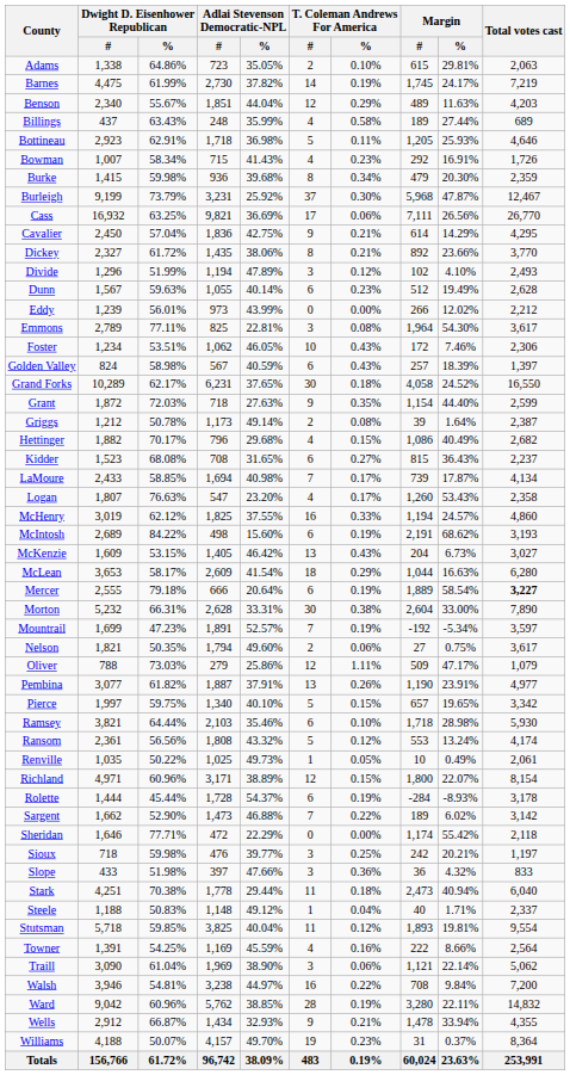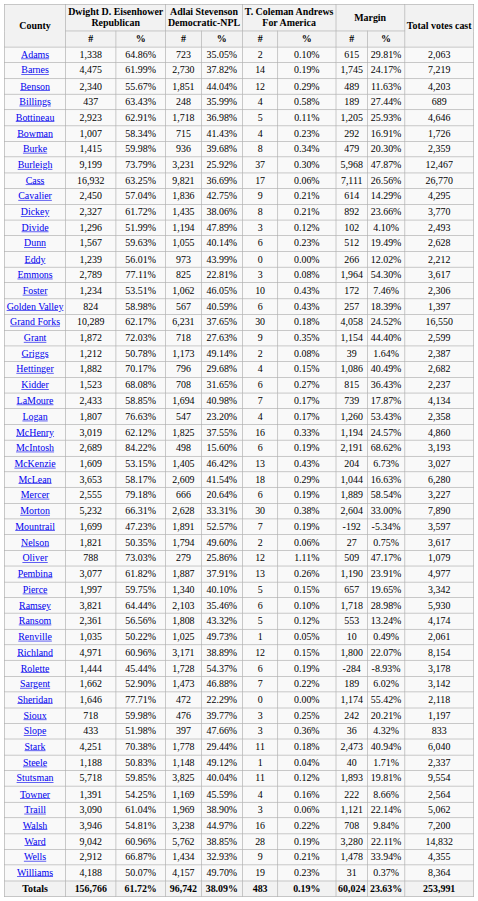 <table class="wikitable sortable" width="60%">
 <tr>
 <th rowspan="2">County</th>
 <th colspan="2">Dwight D. Eisenhower<br>Republican</th>
 <th colspan="2">Adlai Stevenson<br>Democratic-NPL</th>
 <th colspan="2">T. Coleman Andrews<br>For America</th>
 <th colspan="2">Margin</th>
 <th rowspan="2">Total votes cast</th>
 </tr>
 <tr style="text-align:center;">
 <th data-sort-type="number">#</th>
 <th data-sort-type="number">%</th>
 <th data-sort-type="number">#</th>
 <th data-sort-type="number">%</th>
 <th data-sort-type="number">#</th>
 <th data-sort-type="number">%</th>
 <th data-sort-type="number">#</th>
 <th data-sort-type="number">%</th>
 </tr>
 <tr style="text-align:center;">
 <td><a href='#'>Adams</a></td>
 <td>1,338</td>
 <td>64.86%</td>
 <td>723</td>
 <td>35.05%</td>
 <td>2</td>
 <td>0.10%</td>
 <td>615</td>
 <td>29.81%</td>
 <td>2,063</td>
 </tr>
 <tr style="text-align:center;">
 <td><a href='#'>Barnes</a></td>
 <td>4,475</td>
 <td>61.99%</td>
 <td>2,730</td>
 <td>37.82%</td>
 <td>14</td>
 <td>0.19%</td>
 <td>1,745</td>
 <td>24.17%</td>
 <td>7,219</td>
 </tr>
 <tr style="text-align:center;">
 <td><a href='#'>Benson</a></td>
 <td>2,340</td>
 <td>55.67%</td>
 <td>1,851</td>
 <td>44.04%</td>
 <td>12</td>
 <td>0.29%</td>
 <td>489</td>
 <td>11.63%</td>
 <td>4,203</td>
 </tr>
 <tr style="text-align:center;">
 <td><a href='#'>Billings</a></td>
 <td>437</td>
 <td>63.43%</td>
 <td>248</td>
 <td>35.99%</td>
 <td>4</td>
 <td>0.58%</td>
 <td>189</td>
 <td>27.44%</td>
 <td>689</td>
 </tr>
 <tr style="text-align:center;">
 <td><a href='#'>Bottineau</a></td>
 <td>2,923</td>
 <td>62.91%</td>
 <td>1,718</td>
 <td>36.98%</td>
 <td>5</td>
 <td>0.11%</td>
 <td>1,205</td>
 <td>25.93%</td>
 <td>4,646</td>
 </tr>
 <tr style="text-align:center;">
 <td><a href='#'>Bowman</a></td>
 <td>1,007</td>
 <td>58.34%</td>
 <td>715</td>
 <td>41.43%</td>
 <td>4</td>
 <td>0.23%</td>
 <td>292</td>
 <td>16.91%</td>
 <td>1,726</td>
 </tr>
 <tr style="text-align:center;">
 <td><a href='#'>Burke</a></td>
 <td>1,415</td>
 <td>59.98%</td>
 <td>936</td>
 <td>39.68%</td>
 <td>8</td>
 <td>0.34%</td>
 <td>479</td>
 <td>20.30%</td>
 <td>2,359</td>
 </tr>
 <tr style="text-align:center;">
 <td><a href='#'>Burleigh</a></td>
 <td>9,199</td>
 <td>73.79%</td>
 <td>3,231</td>
 <td>25.92%</td>
 <td>37</td>
 <td>0.30%</td>
 <td>5,968</td>
 <td>47.87%</td>
 <td>12,467</td>
 </tr>
 <tr style="text-align:center;">
 <td><a href='#'>Cass</a></td>
 <td>16,932</td>
 <td>63.25%</td>
 <td>9,821</td>
 <td>36.69%</td>
 <td>17</td>
 <td>0.06%</td>
 <td>7,111</td>
 <td>26.56%</td>
 <td>26,770</td>
 </tr>
 <tr style="text-align:center;">
 <td><a href='#'>Cavalier</a></td>
 <td>2,450</td>
 <td>57.04%</td>
 <td>1,836</td>
 <td>42.75%</td>
 <td>9</td>
 <td>0.21%</td>
 <td>614</td>
 <td>14.29%</td>
 <td>4,295</td>
 </tr>
 <tr style="text-align:center;">
 <td><a href='#'>Dickey</a></td>
 <td>2,327</td>
 <td>61.72%</td>
 <td>1,435</td>
 <td>38.06%</td>
 <td>8</td>
 <td>0.21%</td>
 <td>892</td>
 <td>23.66%</td>
 <td>3,770</td>
 </tr>
 <tr style="text-align:center;">
 <td><a href='#'>Divide</a></td>
 <td>1,296</td>
 <td>51.99%</td>
 <td>1,194</td>
 <td>47.89%</td>
 <td>3</td>
 <td>0.12%</td>
 <td>102</td>
 <td>4.10%</td>
 <td>2,493</td>
 </tr>
 <tr style="text-align:center;">
 <td><a href='#'>Dunn</a></td>
 <td>1,567</td>
 <td>59.63%</td>
 <td>1,055</td>
 <td>40.14%</td>
 <td>6</td>
 <td>0.23%</td>
 <td>512</td>
 <td>19.49%</td>
 <td>2,628</td>
 </tr>
 <tr style="text-align:center;">
 <td><a href='#'>Eddy</a></td>
 <td>1,239</td>
 <td>56.01%</td>
 <td>973</td>
 <td>43.99%</td>
 <td>0</td>
 <td>0.00%</td>
 <td>266</td>
 <td>12.02%</td>
 <td>2,212</td>
 </tr>
 <tr style="text-align:center;">
 <td><a href='#'>Emmons</a></td>
 <td>2,789</td>
 <td>77.11%</td>
 <td>825</td>
 <td>22.81%</td>
 <td>3</td>
 <td>0.08%</td>
 <td>1,964</td>
 <td>54.30%</td>
 <td>3,617</td>
 </tr>
 <tr style="text-align:center;">
 <td><a href='#'>Foster</a></td>
 <td>1,234</td>
 <td>53.51%</td>
 <td>1,062</td>
 <td>46.05%</td>
 <td>10</td>
 <td>0.43%</td>
 <td>172</td>
 <td>7.46%</td>
 <td>2,306</td>
 </tr>
 <tr style="text-align:center;">
 <td><a href='#'>Golden Valley</a></td>
 <td>824</td>
 <td>58.98%</td>
 <td>567</td>
 <td>40.59%</td>
 <td>6</td>
 <td>0.43%</td>
 <td>257</td>
 <td>18.39%</td>
 <td>1,397</td>
 </tr>
 <tr style="text-align:center;">
 <td><a href='#'>Grand Forks</a></td>
 <td>10,289</td>
 <td>62.17%</td>
 <td>6,231</td>
 <td>37.65%</td>
 <td>30</td>
 <td>0.18%</td>
 <td>4,058</td>
 <td>24.52%</td>
 <td>16,550</td>
 </tr>
 <tr style="text-align:center;">
 <td><a href='#'>Grant</a></td>
 <td>1,872</td>
 <td>72.03%</td>
 <td>718</td>
 <td>27.63%</td>
 <td>9</td>
 <td>0.35%</td>
 <td>1,154</td>
 <td>44.40%</td>
 <td>2,599</td>
 </tr>
 <tr style="text-align:center;">
 <td><a href='#'>Griggs</a></td>
 <td>1,212</td>
 <td>50.78%</td>
 <td>1,173</td>
 <td>49.14%</td>
 <td>2</td>
 <td>0.08%</td>
 <td>39</td>
 <td>1.64%</td>
 <td>2,387</td>
 </tr>
 <tr style="text-align:center;">
 <td><a href='#'>Hettinger</a></td>
 <td>1,882</td>
 <td>70.17%</td>
 <td>796</td>
 <td>29.68%</td>
 <td>4</td>
 <td>0.15%</td>
 <td>1,086</td>
 <td>40.49%</td>
 <td>2,682</td>
 </tr>
 <tr style="text-align:center;">
 <td><a href='#'>Kidder</a></td>
 <td>1,523</td>
 <td>68.08%</td>
 <td>708</td>
 <td>31.65%</td>
 <td>6</td>
 <td>0.27%</td>
 <td>815</td>
 <td>36.43%</td>
 <td>2,237</td>
 </tr>
 <tr style="text-align:center;">
 <td><a href='#'>LaMoure</a></td>
 <td>2,433</td>
 <td>58.85%</td>
 <td>1,694</td>
 <td>40.98%</td>
 <td>7</td>
 <td>0.17%</td>
 <td>739</td>
 <td>17.87%</td>
 <td>4,134</td>
 </tr>
 <tr style="text-align:center;">
 <td><a href='#'>Logan</a></td>
 <td>1,807</td>
 <td>76.63%</td>
 <td>547</td>
 <td>23.20%</td>
 <td>4</td>
 <td>0.17%</td>
 <td>1,260</td>
 <td>53.43%</td>
 <td>2,358</td>
 </tr>
 <tr style="text-align:center;">
 <td><a href='#'>McHenry</a></td>
 <td>3,019</td>
 <td>62.12%</td>
 <td>1,825</td>
 <td>37.55%</td>
 <td>16</td>
 <td>0.33%</td>
 <td>1,194</td>
 <td>24.57%</td>
 <td>4,860</td>
 </tr>
 <tr style="text-align:center;">
 <td><a href='#'>McIntosh</a></td>
 <td>2,689</td>
 <td>84.22%</td>
 <td>498</td>
 <td>15.60%</td>
 <td>6</td>
 <td>0.19%</td>
 <td>2,191</td>
 <td>68.62%</td>
 <td>3,193</td>
 </tr>
 <tr style="text-align:center;">
 <td><a href='#'>McKenzie</a></td>
 <td>1,609</td>
 <td>53.15%</td>
 <td>1,405</td>
 <td>46.42%</td>
 <td>13</td>
 <td>0.43%</td>
 <td>204</td>
 <td>6.73%</td>
 <td>3,027</td>
 </tr>
 <tr style="text-align:center;">
 <td><a href='#'>McLean</a></td>
 <td>3,653</td>
 <td>58.17%</td>
 <td>2,609</td>
 <td>41.54%</td>
 <td>18</td>
 <td>0.29%</td>
 <td>1,044</td>
 <td>16.63%</td>
 <td>6,280</td>
 </tr>
 <tr style="text-align:center;">
 <td><a href='#'>Mercer</a></td>
 <td>2,555</td>
 <td>79.18%</td>
 <td>666</td>
 <td>20.64%</td>
 <td>6</td>
 <td>0.19%</td>
 <td>1,889</td>
 <td>58.54%</td>
-<td><strong>3,227</strong></td>
+<td>3,227</td>
 </tr>
 <tr style="text-align:center;">
 <td><a href='#'>Morton</a></td>
 <td>5,232</td>
 <td>66.31%</td>
 <td>2,628</td>
 <td>33.31%</td>
 <td>30</td>
 <td>0.38%</td>
 <td>2,604</td>
 <td>33.00%</td>
 <td>7,890</td>
 </tr>
 <tr style="text-align:center;">
 <td><a href='#'>Mountrail</a></td>
 <td>1,699</td>
 <td>47.23%</td>
 <td>1,891</td>
 <td>52.57%</td>
 <td>7</td>
 <td>0.19%</td>
 <td>-192</td>
 <td>-5.34%</td>
 <td>3,597</td>
 </tr>
 <tr style="text-align:center;">
 <td><a href='#'>Nelson</a></td>
 <td>1,821</td>
 <td>50.35%</td>
 <td>1,794</td>
 <td>49.60%</td>
 <td>2</td>
 <td>0.06%</td>
 <td>27</td>
 <td>0.75%</td>
 <td>3,617</td>
 </tr>
 <tr style="text-align:center;">
 <td><a href='#'>Oliver</a></td>
 <td>788</td>
 <td>73.03%</td>
 <td>279</td>
 <td>25.86%</td>
 <td>12</td>
 <td>1.11%</td>
 <td>509</td>
 <td>47.17%</td>
 <td>1,079</td>
 </tr>
 <tr style="text-align:center;">
 <td><a href='#'>Pembina</a></td>
 <td>3,077</td>
 <td>61.82%</td>
 <td>1,887</td>
 <td>37.91%</td>
 <td>13</td>
 <td>0.26%</td>
 <td>1,190</td>
 <td>23.91%</td>
 <td>4,977</td>
 </tr>
 <tr style="text-align:center;">
 <td><a href='#'>Pierce</a></td>
 <td>1,997</td>
 <td>59.75%</td>
 <td>1,340</td>
 <td>40.10%</td>
 <td>5</td>
 <td>0.15%</td>
 <td>657</td>
 <td>19.65%</td>
 <td>3,342</td>
 </tr>
 <tr style="text-align:center;">
 <td><a href='#'>Ramsey</a></td>
 <td>3,821</td>
 <td>64.44%</td>
 <td>2,103</td>
 <td>35.46%</td>
 <td>6</td>
 <td>0.10%</td>
 <td>1,718</td>
 <td>28.98%</td>
 <td>5,930</td>
 </tr>
 <tr style="text-align:center;">
 <td><a href='#'>Ransom</a></td>
 <td>2,361</td>
 <td>56.56%</td>
 <td>1,808</td>
 <td>43.32%</td>
 <td>5</td>
 <td>0.12%</td>
 <td>553</td>
 <td>13.24%</td>
 <td>4,174</td>
 </tr>
 <tr style="text-align:center;">
 <td><a href='#'>Renville</a></td>
 <td>1,035</td>
 <td>50.22%</td>
 <td>1,025</td>
 <td>49.73%</td>
 <td>1</td>
 <td>0.05%</td>
 <td>10</td>
 <td>0.49%</td>
 <td>2,061</td>
 </tr>
 <tr style="text-align:center;">
 <td><a href='#'>Richland</a></td>
 <td>4,971</td>
 <td>60.96%</td>
 <td>3,171</td>
 <td>38.89%</td>
 <td>12</td>
 <td>0.15%</td>
 <td>1,800</td>
 <td>22.07%</td>
 <td>8,154</td>
 </tr>
 <tr style="text-align:center;">
 <td><a href='#'>Rolette</a></td>
 <td>1,444</td>
 <td>45.44%</td>
 <td>1,728</td>
 <td>54.37%</td>
 <td>6</td>
 <td>0.19%</td>
 <td>-284</td>
 <td>-8.93%</td>
 <td>3,178</td>
 </tr>
 <tr style="text-align:center;">
 <td><a href='#'>Sargent</a></td>
 <td>1,662</td>
 <td>52.90%</td>
 <td>1,473</td>
 <td>46.88%</td>
 <td>7</td>
 <td>0.22%</td>
 <td>189</td>
 <td>6.02%</td>
 <td>3,142</td>
 </tr>
 <tr style="text-align:center;">
 <td><a href='#'>Sheridan</a></td>
 <td>1,646</td>
 <td>77.71%</td>
 <td>472</td>
 <td>22.29%</td>
 <td>0</td>
 <td>0.00%</td>
 <td>1,174</td>
 <td>55.42%</td>
 <td>2,118</td>
 </tr>
 <tr style="text-align:center;">
 <td><a href='#'>Sioux</a></td>
 <td>718</td>
 <td>59.98%</td>
 <td>476</td>
 <td>39.77%</td>
 <td>3</td>
 <td>0.25%</td>
 <td>242</td>
 <td>20.21%</td>
 <td>1,197</td>
 </tr>
 <tr style="text-align:center;">
 <td><a href='#'>Slope</a></td>
 <td>433</td>
 <td>51.98%</td>
 <td>397</td>
 <td>47.66%</td>
 <td>3</td>
 <td>0.36%</td>
 <td>36</td>
 <td>4.32%</td>
 <td>833</td>
 </tr>
 <tr style="text-align:center;">
 <td><a href='#'>Stark</a></td>
 <td>4,251</td>
 <td>70.38%</td>
 <td>1,778</td>
 <td>29.44%</td>
 <td>11</td>
 <td>0.18%</td>
 <td>2,473</td>
 <td>40.94%</td>
 <td>6,040</td>
 </tr>
 <tr style="text-align:center;">
 <td><a href='#'>Steele</a></td>
 <td>1,188</td>
 <td>50.83%</td>
 <td>1,148</td>
 <td>49.12%</td>
 <td>1</td>
 <td>0.04%</td>
 <td>40</td>
 <td>1.71%</td>
 <td>2,337</td>
 </tr>
 <tr style="text-align:center;">
 <td><a href='#'>Stutsman</a></td>
 <td>5,718</td>
 <td>59.85%</td>
 <td>3,825</td>
 <td>40.04%</td>
 <td>11</td>
 <td>0.12%</td>
 <td>1,893</td>
 <td>19.81%</td>
 <td>9,554</td>
 </tr>
 <tr style="text-align:center;">
 <td><a href='#'>Towner</a></td>
 <td>1,391</td>
 <td>54.25%</td>
 <td>1,169</td>
 <td>45.59%</td>
 <td>4</td>
 <td>0.16%</td>
 <td>222</td>
 <td>8.66%</td>
 <td>2,564</td>
 </tr>
 <tr style="text-align:center;">
 <td><a href='#'>Traill</a></td>
 <td>3,090</td>
 <td>61.04%</td>
 <td>1,969</td>
 <td>38.90%</td>
 <td>3</td>
 <td>0.06%</td>
 <td>1,121</td>
 <td>22.14%</td>
 <td>5,062</td>
 </tr>
 <tr style="text-align:center;">
 <td><a href='#'>Walsh</a></td>
 <td>3,946</td>
 <td>54.81%</td>
 <td>3,238</td>
 <td>44.97%</td>
 <td>16</td>
 <td>0.22%</td>
 <td>708</td>
 <td>9.84%</td>
 <td>7,200</td>
 </tr>
 <tr style="text-align:center;">
 <td><a href='#'>Ward</a></td>
 <td>9,042</td>
 <td>60.96%</td>
 <td>5,762</td>
 <td>38.85%</td>
 <td>28</td>
 <td>0.19%</td>
 <td>3,280</td>
 <td>22.11%</td>
 <td>14,832</td>
 </tr>
 <tr style="text-align:center;">
 <td><a href='#'>Wells</a></td>
 <td>2,912</td>
 <td>66.87%</td>
 <td>1,434</td>
 <td>32.93%</td>
 <td>9</td>
 <td>0.21%</td>
 <td>1,478</td>
 <td>33.94%</td>
 <td>4,355</td>
 </tr>
 <tr style="text-align:center;">
 <td><a href='#'>Williams</a></td>
 <td>4,188</td>
 <td>50.07%</td>
 <td>4,157</td>
 <td>49.70%</td>
 <td>19</td>
 <td>0.23%</td>
 <td>31</td>
 <td>0.37%</td>
 <td>8,364</td>
 </tr>
 <tr>
 <th>Totals</th>
 <th>156,766</th>
 <th>61.72%</th>
 <th>96,742</th>
 <th>38.09%</th>
 <th>483</th>
 <th>0.19%</th>
 <th>60,024</th>
 <th>23.63%</th>
 <th>253,991</th>
 </tr>
 </table>
